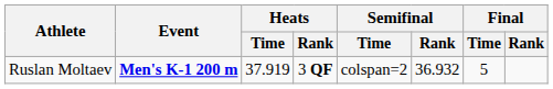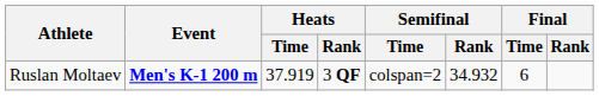 <table class=wikitable style=font-size:90%;text-align:center>
 <tr>
 <th rowspan=2>Athlete</th>
 <th rowspan=2>Event</th>
 <th colspan=2>Heats</th>
 <th colspan=2>Semifinal</th>
 <th colspan=2>Final</th>
 </tr>
 <tr style="font-size:95%">
 <th>Time</th>
 <th>Rank</th>
 <th>Time</th>
 <th>Rank</th>
 <th>Time</th>
 <th>Rank</th>
 </tr>
 <tr>
 <td align=left>Ruslan Moltaev</td>
 <td align=left><strong><a href='#'>Men's K-1 200 m</a></strong></td>
 <td>37.919</td>
 <td>3 <strong>QF</strong></td>
 <td>colspan=2 </td>
-<td>36.932</td>
-<td>5</td>
+<td>34.932</td>
+<td>6</td>
 </tr>
 </table>
